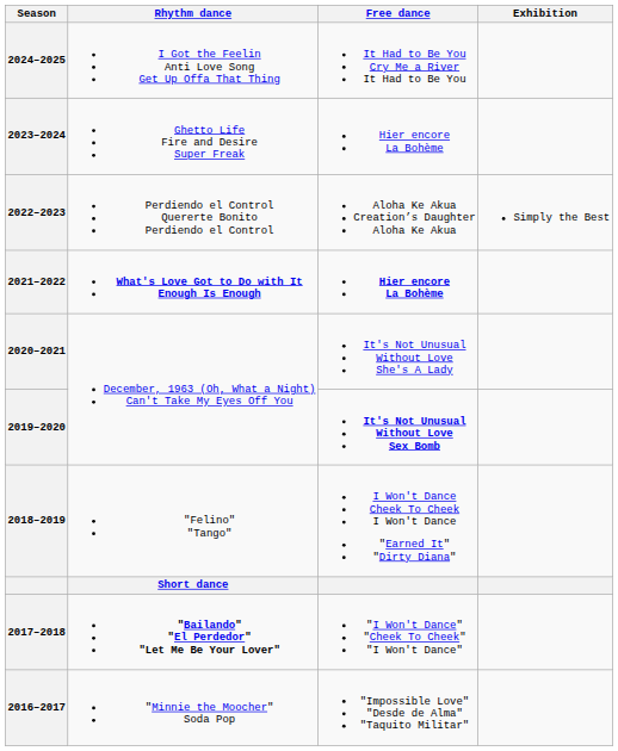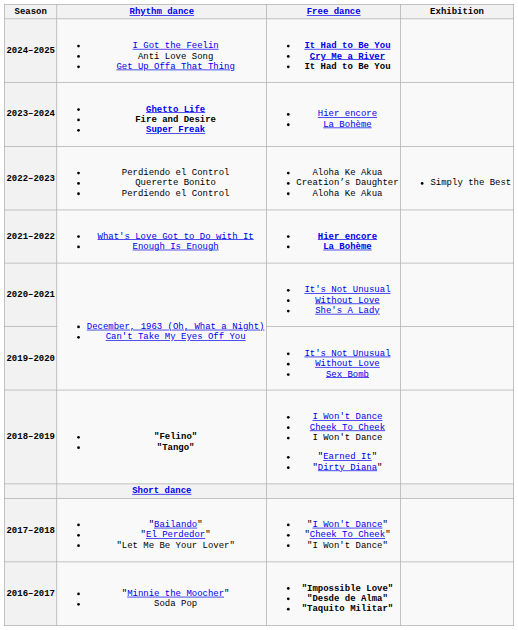 <table class=wikitable style=text-align:center>
 <tr>
 <th>Season</th>
 <th><a href='#'>Rhythm dance</a></th>
 <th><a href='#'>Free dance</a></th>
 <th>Exhibition</th>
 </tr>
 <tr>
 <th>2024–2025 <br> </th>
 <td><br><ul><li><a href='#'>I Got the Feelin</a> <br> </li><li>Anti Love Song <br> </li><li><a href='#'>Get Up Offa That Thing</a> <br> </li></ul></td>
-<td><br><ul><li><a href='#'>It Had to Be You</a></li><li><a href='#'>Cry Me a River</a></li><li>It Had to Be You <br> </li></ul></td>
+<td><strong><br><ul><li><a href='#'>It Had to Be You</a></li><li><a href='#'>Cry Me a River</a></li><li>It Had to Be You <br> </li></ul></strong></td>
 <td></td>
 </tr>
 <tr>
 <th>2023–2024 <br> </th>
-<td><br><ul><li><a href='#'>Ghetto Life</a><br> </li><li>Fire and Desire<br> </li><li><a href='#'>Super Freak</a><br> </li></ul></td>
+<td><strong><br><ul><li><a href='#'>Ghetto Life</a><br> </li><li>Fire and Desire<br> </li><li><a href='#'>Super Freak</a><br> </li></ul></strong></td>
 <td><br><ul><li><a href='#'>Hier encore</a></li><li><a href='#'>La Bohème</a> <br> </li></ul></td>
 <td></td>
 </tr>
 <tr>
 <th>2022–2023 <br> </th>
 <td><br><ul><li> Perdiendo el Control <br> </li><li> Quererte Bonito <br> </li><li> Perdiendo el Control <br> </li></ul></td>
 <td><br><ul><li>Aloha Ke Akua</li><li>Creation’s Daughter</li><li>Aloha Ke Akua <br> </li></ul></td>
 <td><br><ul><li>Simply the Best <br></li></ul></td>
 </tr>
 <tr>
 <th>2021–2022 <br> </th>
-<td><strong><br><ul><li> <a href='#'>What's Love Got to Do with It</a> <br> </li><li><a href='#'>Enough Is Enough</a> <br> </li></ul></strong></td>
+<td><br><ul><li> <a href='#'>What's Love Got to Do with It</a> <br> </li><li><a href='#'>Enough Is Enough</a> <br> </li></ul></td>
 <td><strong><br><ul><li><a href='#'>Hier encore</a></li><li><a href='#'>La Bohème</a> <br> </li></ul></strong></td>
 <td></td>
 </tr>
 <tr>
 <th>2020–2021 <br> </th>
 <td rowspan=2><br><ul><li> <a href='#'>December, 1963 (Oh, What a Night)</a> <br> </li><li> <a href='#'>Can't Take My Eyes Off You</a> <br> </li></ul></td>
 <td><br><ul><li><a href='#'>It's Not Unusual</a></li><li><a href='#'>Without Love</a></li><li><a href='#'>She's A Lady</a> <br> </li></ul></td>
 <td></td>
 </tr>
 <tr>
 <th>2019–2020 <br> </th>
-<td><strong><br><ul><li><a href='#'>It's Not Unusual</a></li><li><a href='#'>Without Love</a></li><li><a href='#'>Sex Bomb</a> <br> </li></ul></strong></td>
+<td><br><ul><li><a href='#'>It's Not Unusual</a></li><li><a href='#'>Without Love</a></li><li><a href='#'>Sex Bomb</a> <br> </li></ul></td>
 <td></td>
 </tr>
 <tr>
 <th>2018–2019 <br> </th>
-<td><br><ul><li> "Felino"</li><li> "Tango" <br></li></ul></td>
+<td><strong><br><ul><li> "Felino"</li><li> "Tango" <br></li></ul></strong></td>
 <td><br><ul><li><a href='#'>I Won't Dance</a></li><li><a href='#'>Cheek To Cheek</a></li><li>I Won't Dance <br></li></ul><ul><li>"<a href='#'>Earned It</a>" <br></li><li>"<a href='#'>Dirty Diana</a>" <br></li></ul></td>
 <td></td>
 </tr>
 <tr>
 <th></th>
 <th><a href='#'>Short dance</a></th>
 <th></th>
 <th></th>
 </tr>
 <tr>
 <th>2017–2018 <br> </th>
-<td><strong><br><ul><li> "<a href='#'>Bailando</a>"</li><li> "<a href='#'>El Perdedor</a>"</li><li> "Let Me Be Your Lover" <br></li></ul></strong></td>
+<td><br><ul><li> "<a href='#'>Bailando</a>"</li><li> "<a href='#'>El Perdedor</a>"</li><li> "Let Me Be Your Lover" <br></li></ul></td>
 <td><br><ul><li>"<a href='#'>I Won't Dance</a>"</li><li>"<a href='#'>Cheek To Cheek</a>"</li><li>"I Won't Dance" <br></li></ul></td>
 <td></td>
 </tr>
 <tr>
 <th>2016–2017 <br> </th>
 <td><br><ul><li>"<a href='#'>Minnie the Moocher</a>"</li><li>Soda Pop <br></li></ul></td>
-<td><br><ul><li>"Impossible Love" <br></li><li>"Desde de Alma" <br></li><li>"Taquito Militar" <br></li></ul></td>
+<td><strong><br><ul><li>"Impossible Love" <br></li><li>"Desde de Alma" <br></li><li>"Taquito Militar" <br></li></ul></strong></td>
 <td></td>
 </tr>
 </table>
